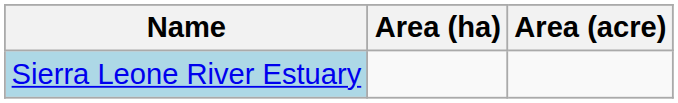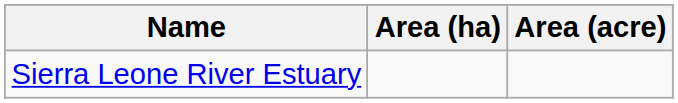 <table class="wikitable sortable">
 <tr>
 <th scope="col" align=left>Name</th>
 <th scope="col">Area (ha)</th>
 <th scope="col">Area (acre)</th>
 </tr>
 <tr ---->
-<td style="background: lightblue;"><a href='#'>Sierra Leone River Estuary</a></td>
+<td><a href='#'>Sierra Leone River Estuary</a></td>
 <td></td>
 </tr>
 </table>
